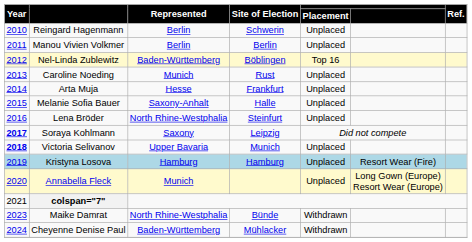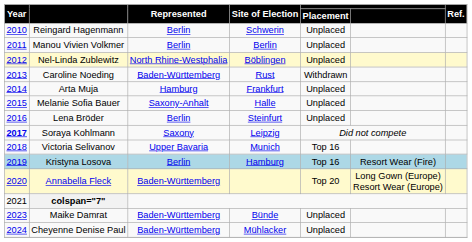 <table class="wikitable" style="font-size:90%; text-align:center">
 <tr>
 <th rowspan="2" style="background-color:#000000; color:#FFFFFF;">Year</th>
 <th rowspan="2" style="background-color:#000000; color:#FFFFFF;"></th>
 <th rowspan="2" style="background-color:#000000; color:#FFFFFF;">Represented</th>
 <th rowspan="2" style="background-color:#000000; color:#FFFFFF;">Site of Election</th>
 <th colspan="2" style="background-color:#000000; color:#FFFFFF;"></th>
 <th rowspan="2" style="background-color:#000000; color:#FFFFFF;">Ref.</th>
 </tr>
 <tr>
 <th style="background-color:#000000; color:#FFFFFF;">Placement</th>
 <th style="background-color:#000000; color:#FFFFFF;"></th>
 </tr>
 <tr>
 <td><a href='#'>2010</a></td>
 <td>Reingard Hagenmann</td>
 <td><a href='#'>Berlin</a></td>
 <td><a href='#'>Schwerin</a></td>
 <td>Unplaced</td>
 <td></td>
 <td></td>
 </tr>
 <tr>
 <td><a href='#'>2011</a></td>
 <td>Manou Vivien Volkmer</td>
 <td><a href='#'>Berlin</a></td>
 <td><a href='#'>Berlin</a></td>
 <td>Unplaced</td>
 <td></td>
 <td></td>
 </tr>
 <tr style="background-color:#FFFACD">
 <td><a href='#'>2012</a></td>
 <td>Nel-Linda Zublewitz</td>
-<td><a href='#'>Baden-Württemberg</a></td>
+<td><a href='#'>North Rhine-Westphalia</a></td>
 <td><a href='#'>Böblingen</a></td>
-<td>Top 16</td>
+<td>Unplaced</td>
 <td></td>
 <td></td>
 </tr>
 <tr>
 <td><a href='#'>2013</a></td>
 <td>Caroline Noeding</td>
-<td><a href='#'>Munich</a></td>
+<td><a href='#'>Baden-Württemberg</a></td>
 <td><a href='#'>Rust</a></td>
-<td>Unplaced</td>
+<td>Withdrawn</td>
 <td></td>
 <td></td>
 </tr>
 <tr>
 <td><a href='#'>2014</a></td>
 <td>Arta Muja</td>
-<td><a href='#'>Hesse</a></td>
+<td><a href='#'>Hamburg</a></td>
 <td><a href='#'>Frankfurt</a></td>
 <td>Unplaced</td>
 <td></td>
 <td></td>
 </tr>
 <tr>
 <td><a href='#'>2015</a></td>
 <td>Melanie Sofia Bauer</td>
 <td><a href='#'>Saxony-Anhalt</a></td>
 <td><a href='#'>Halle</a></td>
 <td>Unplaced</td>
 <td></td>
 <td></td>
 </tr>
 <tr>
 <td><a href='#'>2016</a></td>
 <td>Lena Bröder</td>
-<td><a href='#'>North Rhine-Westphalia</a></td>
+<td><a href='#'>Berlin</a></td>
 <td><a href='#'>Steinfurt</a></td>
 <td>Unplaced</td>
 <td></td>
 <td></td>
 </tr>
 <tr>
 <td><strong><a href='#'>2017</a></strong></td>
 <td>Soraya Kohlmann</td>
 <td><a href='#'>Saxony</a></td>
 <td><a href='#'>Leipzig</a></td>
 <td colspan="2"><em>Did not compete</em></td>
 <td></td>
 </tr>
 <tr>
-<td><strong><a href='#'>2018</a></strong></td>
+<td><a href='#'>2018</a></td>
 <td>Victoria Selivanov</td>
 <td><a href='#'>Upper Bavaria</a></td>
 <td><a href='#'>Munich</a></td>
-<td>Unplaced</td>
+<td>Top 16</td>
 <td></td>
 <td></td>
 </tr>
 <tr style="background-color:#ADD8E6">
 <td><a href='#'>2019</a></td>
 <td>Kristyna Losova</td>
+<td><a href='#'>Berlin</a></td>
 <td><a href='#'>Hamburg</a></td>
-<td><a href='#'>Hamburg</a></td>
-<td>Unplaced</td>
+<td>Top 16</td>
 <td> Resort Wear (Fire)</td>
 <td></td>
 </tr>
 <tr style="background-color:#FFFACD;">
 <td><a href='#'>2020</a></td>
 <td><a href='#'>Annabella Fleck</a></td>
-<td><a href='#'>Munich</a></td>
+<td><a href='#'>Baden-Württemberg</a></td>
 <td></td>
-<td>Unplaced</td>
+<td>Top 20</td>
 <td> Long Gown (Europe)<br> Resort Wear (Europe)</td>
 <td></td>
 </tr>
 <tr>
 <td>2021</td>
 <th>colspan="7" </th>
 </tr>
 <tr>
 <td><a href='#'>2023</a></td>
 <td>Maike Damrat</td>
-<td><a href='#'>North Rhine-Westphalia</a></td>
+<td><a href='#'>Baden-Württemberg</a></td>
 <td><a href='#'>Bünde</a></td>
-<td>Withdrawn</td>
+<td>Unplaced</td>
 <td></td>
 <td></td>
 </tr>
 <tr>
 <td><a href='#'>2024</a></td>
 <td>Cheyenne Denise Paul</td>
 <td><a href='#'>Baden-Württemberg</a></td>
 <td><a href='#'>Mühlacker</a></td>
-<td>Withdrawn</td>
+<td>Unplaced</td>
 <td></td>
 <td></td>
 </tr>
 <tr>
 </tr>
 </table>
